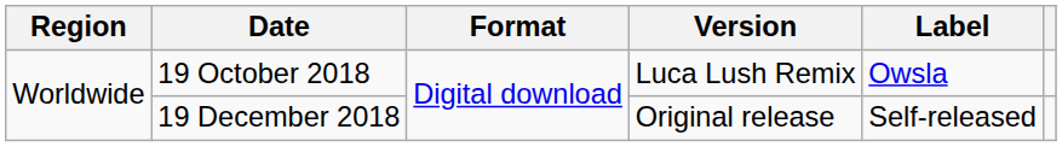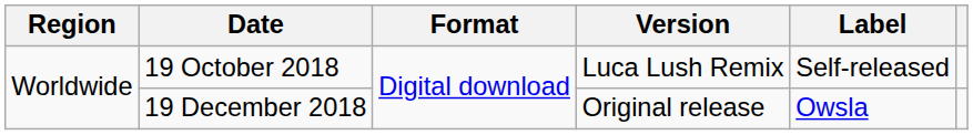 <table class="wikitable plainrowheaders">
 <tr>
 <th>Region</th>
 <th>Date</th>
 <th>Format</th>
 <th>Version</th>
 <th>Label</th>
 <th></th>
 </tr>
 <tr>
 <td rowspan="2" scope="row">Worldwide</td>
 <td>19 October 2018</td>
 <td rowspan="2"><a href='#'>Digital download</a></td>
 <td>Luca Lush Remix</td>
-<td><a href='#'>Owsla</a></td>
+<td>Self-released</td>
 <td></td>
 </tr>
 <tr>
 <td>19 December 2018</td>
 <td>Original release</td>
-<td>Self-released</td>
+<td><a href='#'>Owsla</a></td>
 <td></td>
 </tr>
 </table>
